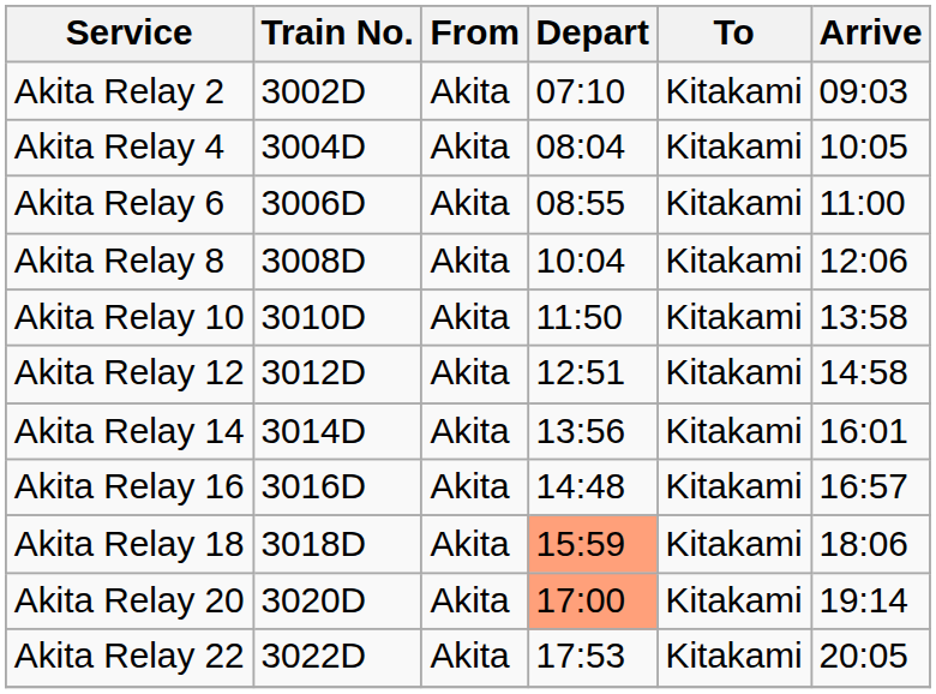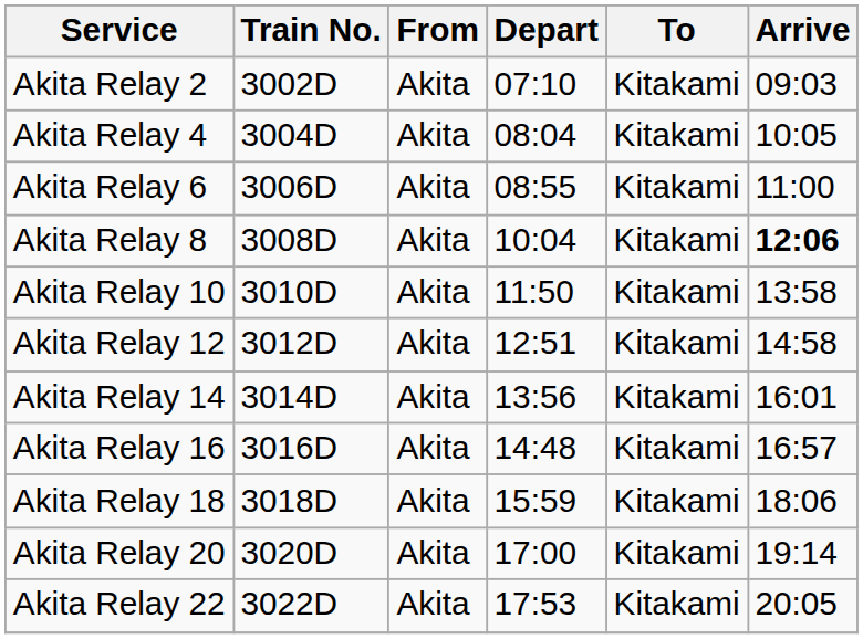 <table class="wikitable">
 <tr>
 <th>Service</th>
 <th>Train No.</th>
 <th>From</th>
 <th>Depart</th>
 <th>To</th>
 <th>Arrive</th>
 </tr>
 <tr>
 <td>Akita Relay 2</td>
 <td>3002D</td>
 <td>Akita</td>
 <td>07:10</td>
 <td>Kitakami</td>
 <td>09:03</td>
 </tr>
 <tr>
 <td>Akita Relay 4</td>
 <td>3004D</td>
 <td>Akita</td>
 <td>08:04</td>
 <td>Kitakami</td>
 <td>10:05</td>
 </tr>
 <tr>
 <td>Akita Relay 6</td>
 <td>3006D</td>
 <td>Akita</td>
 <td>08:55</td>
 <td>Kitakami</td>
 <td>11:00</td>
 </tr>
 <tr>
 <td>Akita Relay 8</td>
 <td>3008D</td>
 <td>Akita</td>
 <td>10:04</td>
 <td>Kitakami</td>
-<td>12:06</td>
+<td><strong>12:06</strong></td>
 </tr>
 <tr>
 <td>Akita Relay 10</td>
 <td>3010D</td>
 <td>Akita</td>
 <td>11:50</td>
 <td>Kitakami</td>
 <td>13:58</td>
 </tr>
 <tr>
 <td>Akita Relay 12</td>
 <td>3012D</td>
 <td>Akita</td>
 <td>12:51</td>
 <td>Kitakami</td>
 <td>14:58</td>
 </tr>
 <tr>
 <td>Akita Relay 14</td>
 <td>3014D</td>
 <td>Akita</td>
 <td>13:56</td>
 <td>Kitakami</td>
 <td>16:01</td>
 </tr>
 <tr>
 <td>Akita Relay 16</td>
 <td>3016D</td>
 <td>Akita</td>
 <td>14:48</td>
 <td>Kitakami</td>
 <td>16:57</td>
 </tr>
 <tr>
 <td>Akita Relay 18</td>
 <td>3018D</td>
 <td>Akita</td>
-<td style="background: lightsalmon;">15:59</td>
+<td>15:59</td>
 <td>Kitakami</td>
 <td>18:06</td>
 </tr>
 <tr>
 <td>Akita Relay 20</td>
 <td>3020D</td>
 <td>Akita</td>
-<td style="background: lightsalmon;">17:00</td>
+<td>17:00</td>
 <td>Kitakami</td>
 <td>19:14</td>
 </tr>
 <tr>
 <td>Akita Relay 22</td>
 <td>3022D</td>
 <td>Akita</td>
 <td>17:53</td>
 <td>Kitakami</td>
 <td>20:05</td>
 </tr>
 <tr>
 </tr>
 </table>
